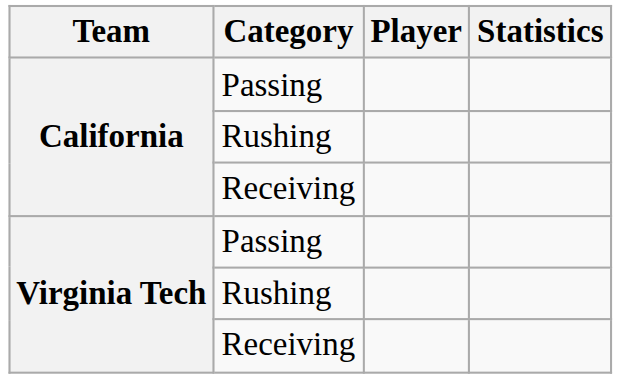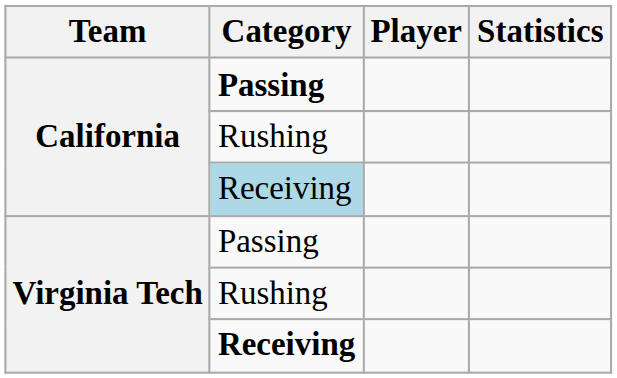 <table class="wikitable" style="float:right">
 <tr>
 <th>Team</th>
 <th>Category</th>
 <th>Player</th>
 <th>Statistics</th>
 </tr>
 <tr>
 <th rowspan=3>California</th>
-<td>Passing</td>
+<td><strong>Passing</strong></td>
 <td></td>
 <td></td>
 </tr>
 <tr>
 <td>Rushing</td>
 <td></td>
 <td></td>
 </tr>
 <tr>
-<td>Receiving</td>
+<td style="background: lightblue;">Receiving</td>
 <td></td>
 <td></td>
 </tr>
 <tr>
 <th rowspan=3>Virginia Tech</th>
 <td>Passing</td>
 <td></td>
 <td></td>
 </tr>
 <tr>
 <td>Rushing</td>
 <td></td>
 <td></td>
 </tr>
 <tr>
-<td>Receiving</td>
+<td><strong>Receiving</strong></td>
 <td></td>
 <td></td>
 </tr>
 </table>
